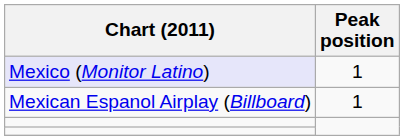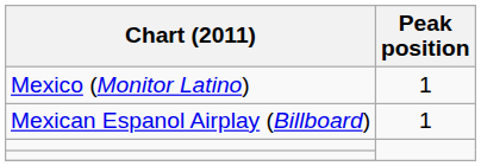 <table class="wikitable sortable">
 <tr>
 <th align="left">Chart (2011)</th>
 <th align="left">Peak<br>position</th>
 </tr>
 <tr>
-<td align="left" style="background: lavender;"><a href='#'>Mexico</a> (<em><a href='#'>Monitor Latino</a></em>)</td>
+<td align="left"><a href='#'>Mexico</a> (<em><a href='#'>Monitor Latino</a></em>)</td>
 <td align="center">1</td>
 </tr>
 <tr>
 <td align="left"><a href='#'>Mexican Espanol Airplay</a> (<em><a href='#'>Billboard</a></em>)</td>
 <td align="center">1</td>
 </tr>
 <tr>
 <td></td>
 </tr>
 <tr>
 <td></td>
 </tr>
 <tr>
 </tr>
 </table>
